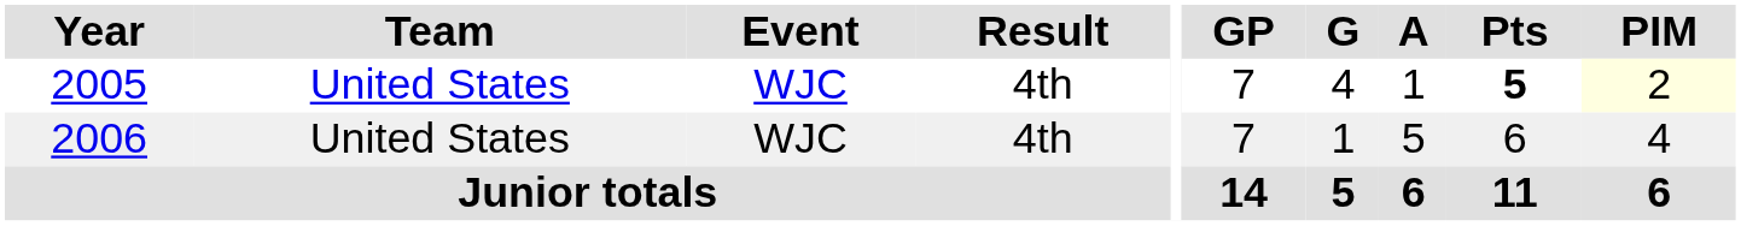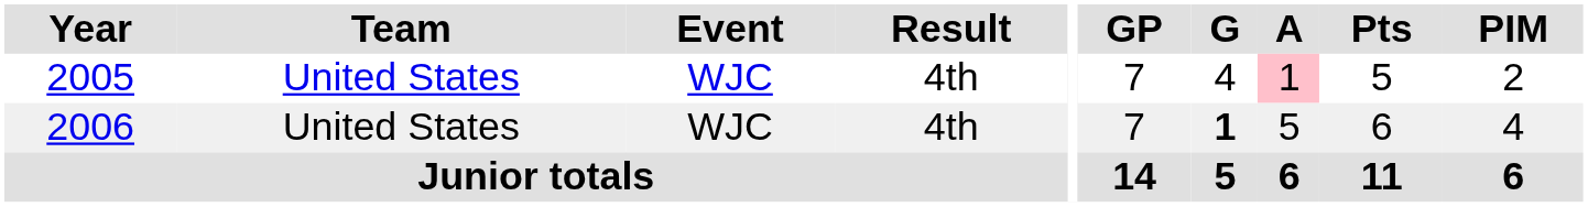 <table border="0" cellpadding="1" cellspacing="0" style="text-align:center; width:40em">
 <tr bgcolor="#e0e0e0">
 <th>Year</th>
 <th>Team</th>
 <th>Event</th>
 <th>Result</th>
 <th rowspan="99" bgcolor="#ffffff"></th>
 <th>GP</th>
 <th>G</th>
 <th>A</th>
 <th>Pts</th>
 <th>PIM</th>
 </tr>
 <tr>
 <td><a href='#'>2005</a></td>
 <td><a href='#'>United States</a></td>
 <td><a href='#'>WJC</a></td>
 <td>4th</td>
 <td>7</td>
 <td>4</td>
-<td>1</td>
-<td><strong>5</strong></td>
-<td style="background: lightyellow;">2</td>
+<td style="background: pink;">1</td>
+<td>5</td>
+<td>2</td>
 </tr>
 <tr bgcolor="#f0f0f0">
 <td><a href='#'>2006</a></td>
 <td>United States</td>
 <td>WJC</td>
 <td>4th</td>
 <td>7</td>
-<td>1</td>
+<td><strong>1</strong></td>
 <td>5</td>
 <td>6</td>
 <td>4</td>
 </tr>
 <tr bgcolor="#e0e0e0">
 <th colspan="4">Junior totals</th>
 <th>14</th>
 <th>5</th>
 <th>6</th>
 <th>11</th>
 <th>6</th>
 </tr>
 </table>
